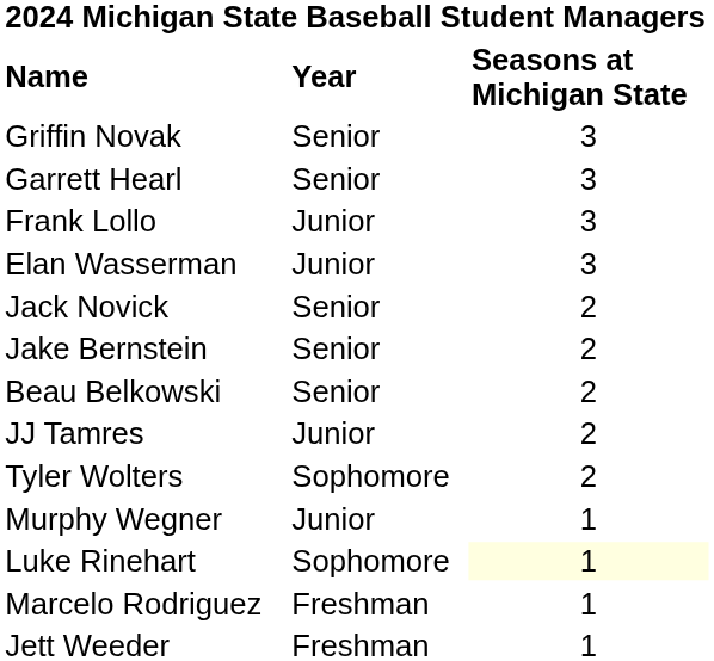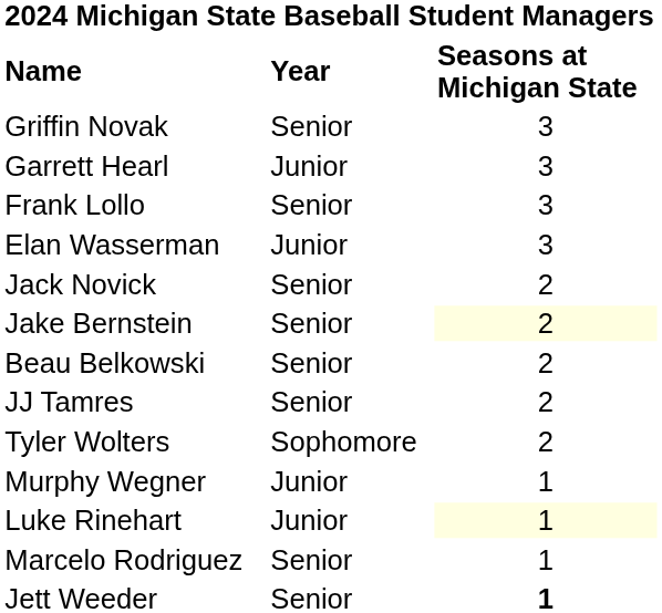 <table class="toccolours" style="text-align: left; font-size:90%;">
 <tr>
 <th colspan="9">2024 Michigan State Baseball Student Managers</th>
 </tr>
 <tr>
 <th>Name</th>
 <th>Year</th>
 <th>Seasons at<br>Michigan State</th>
 </tr>
 <tr>
 <td>Griffin Novak</td>
 <td>Senior</td>
 <td align=center>3</td>
 </tr>
 <tr>
 <td>Garrett Hearl</td>
-<td>Senior</td>
+<td>Junior</td>
 <td align=center>3</td>
 </tr>
 <tr>
 <td>Frank Lollo</td>
-<td>Junior</td>
+<td>Senior</td>
 <td align=center>3</td>
 </tr>
 <tr>
 <td>Elan Wasserman</td>
 <td>Junior</td>
 <td align=center>3</td>
 </tr>
 <tr>
 <td>Jack Novick</td>
 <td>Senior</td>
 <td align=center>2</td>
 </tr>
 <tr>
 <td>Jake Bernstein</td>
 <td>Senior</td>
-<td align=center>2</td>
+<td align=center style="background: lightyellow;">2</td>
 </tr>
 <tr>
 <td>Beau Belkowski</td>
 <td>Senior</td>
 <td align=center>2</td>
 </tr>
 <tr>
 <td>JJ Tamres</td>
-<td>Junior</td>
+<td>Senior</td>
 <td align=center>2</td>
 </tr>
 <tr>
 <td>Tyler Wolters</td>
 <td>Sophomore</td>
 <td align=center>2</td>
 </tr>
 <tr>
 <td>Murphy Wegner</td>
 <td>Junior</td>
 <td align=center>1</td>
 </tr>
 <tr>
 <td>Luke Rinehart</td>
-<td>Sophomore</td>
+<td>Junior</td>
 <td align=center style="background: lightyellow;">1</td>
 </tr>
 <tr>
 <td>Marcelo Rodriguez</td>
-<td>Freshman</td>
+<td>Senior</td>
 <td align=center>1</td>
 </tr>
 <tr>
 <td>Jett Weeder</td>
-<td>Freshman</td>
-<td align=center>1</td>
+<td>Senior</td>
+<td align=center><strong>1</strong></td>
 </tr>
 <tr>
 </tr>
 </table>
